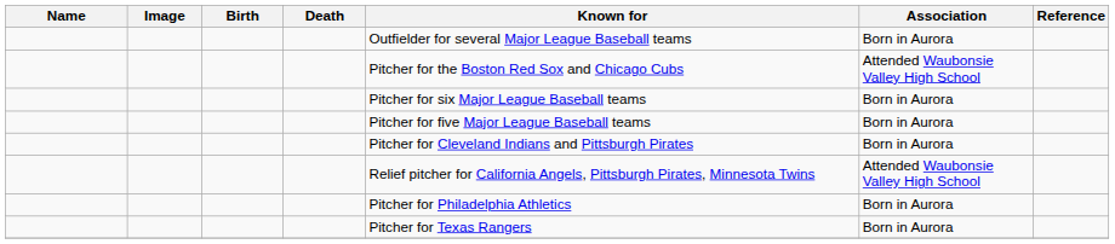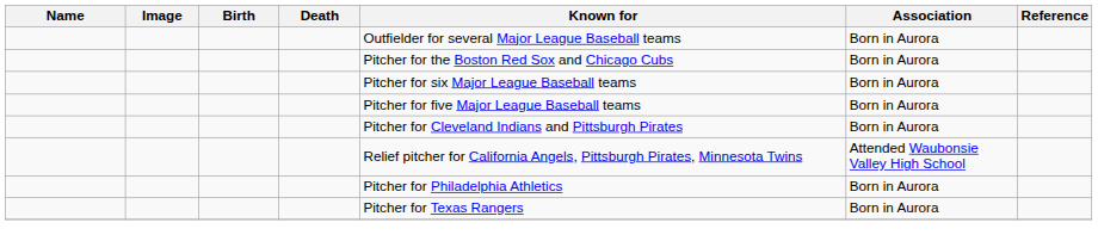 <table class="wikitable sortable">
 <tr>
 <th scope="col" width="140">Name</th>
 <th scope="col" width="80" class="unsortable">Image</th>
 <th scope="col" width="90">Birth</th>
 <th scope="col" width="90">Death</th>
 <th scope="col" width="600" class="unsortable">Known for</th>
 <th scope="col" width="200" class="unsortable">Association</th>
 <th scope="col" width="30" class="unsortable">Reference</th>
 </tr>
 <tr>
 <td></td>
 <td></td>
 <td align=right></td>
 <td align=right></td>
 <td>Outfielder for several <a href='#'>Major League Baseball</a> teams</td>
 <td>Born in Aurora</td>
 <td align="center"></td>
 </tr>
 <tr>
 <td></td>
 <td></td>
 <td align=right></td>
 <td align=right></td>
 <td>Pitcher for the <a href='#'>Boston Red Sox</a> and <a href='#'>Chicago Cubs</a></td>
-<td>Attended <a href='#'>Waubonsie Valley High School</a></td>
+<td>Born in Aurora</td>
 <td align="center"></td>
 </tr>
 <tr>
 <td></td>
 <td></td>
 <td align=right></td>
 <td align=right></td>
 <td>Pitcher for six <a href='#'>Major League Baseball</a> teams</td>
 <td>Born in Aurora</td>
 <td align="center"></td>
 </tr>
 <tr>
 <td></td>
 <td></td>
 <td align=right></td>
 <td align=right></td>
 <td>Pitcher for five <a href='#'>Major League Baseball</a> teams</td>
 <td>Born in Aurora</td>
 <td align="center"></td>
 </tr>
 <tr>
 <td></td>
 <td></td>
 <td align=right></td>
 <td align=right></td>
 <td>Pitcher for <a href='#'>Cleveland Indians</a> and <a href='#'>Pittsburgh Pirates</a></td>
 <td>Born in Aurora</td>
 <td align="center"></td>
 </tr>
 <tr>
 <td></td>
 <td></td>
 <td align=right></td>
 <td align=right></td>
 <td>Relief pitcher for <a href='#'>California Angels</a>, <a href='#'>Pittsburgh Pirates</a>, <a href='#'>Minnesota Twins</a></td>
 <td>Attended <a href='#'>Waubonsie Valley High School</a></td>
 <td align="center"></td>
 </tr>
 <tr>
 <td></td>
 <td></td>
 <td align=right></td>
 <td align=right></td>
 <td>Pitcher for <a href='#'>Philadelphia Athletics</a></td>
 <td>Born in Aurora</td>
 <td align="center"></td>
 </tr>
 <tr>
 <td></td>
 <td></td>
 <td align=right></td>
 <td align=right></td>
 <td>Pitcher for <a href='#'>Texas Rangers</a></td>
 <td>Born in Aurora</td>
 <td align="center"></td>
 </tr>
 <tr>
 </tr>
 </table>
